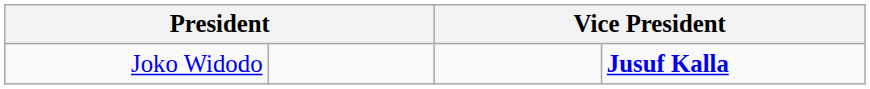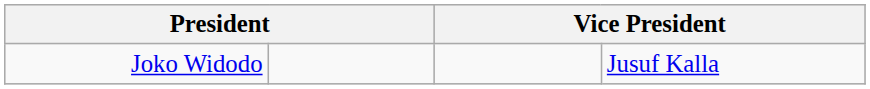 <table class="wikitable">
 <tr>
 <th colspan="2" width=270>President</th>
 <th colspan="2" width=270>Vice President</th>
 </tr>
 <tr>
 <td align="right"><a href='#'>Joko Widodo</a></td>
 <td align="center" width=100></td>
 <td align="center" width=100></td>
-<td align="left"><strong><a href='#'>Jusuf Kalla</a></strong></td>
+<td align="left"><a href='#'>Jusuf Kalla</a></td>
 </tr>
 </table>
